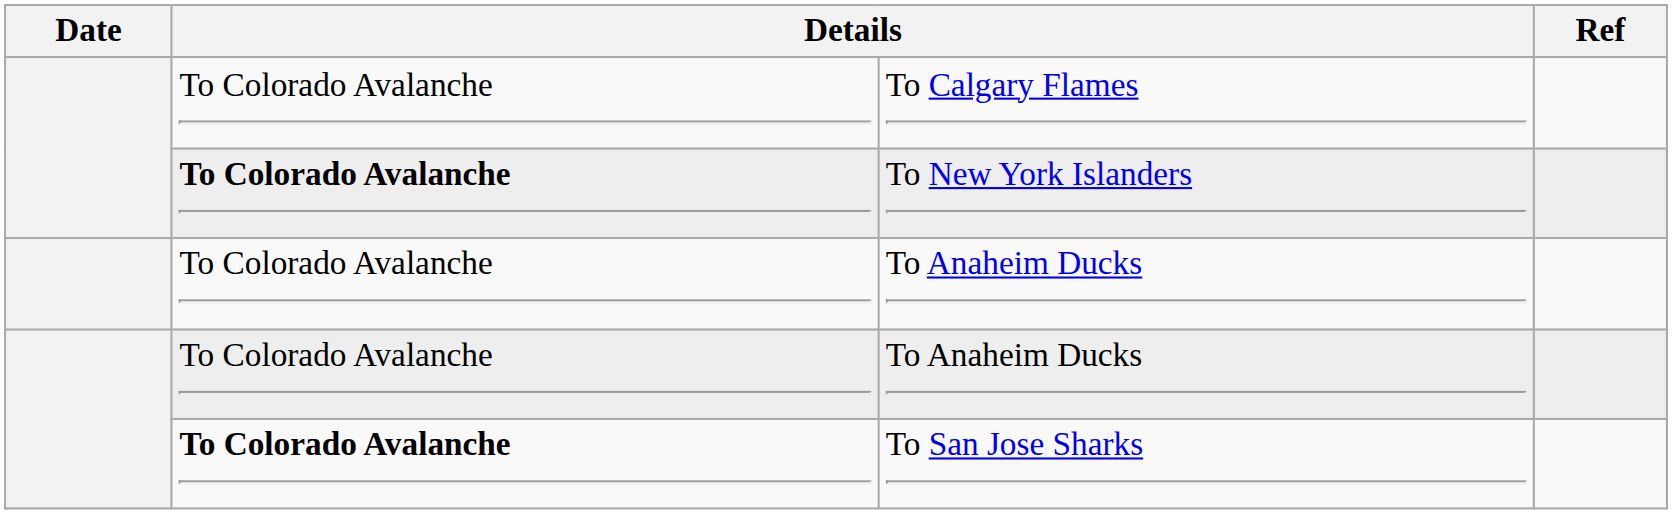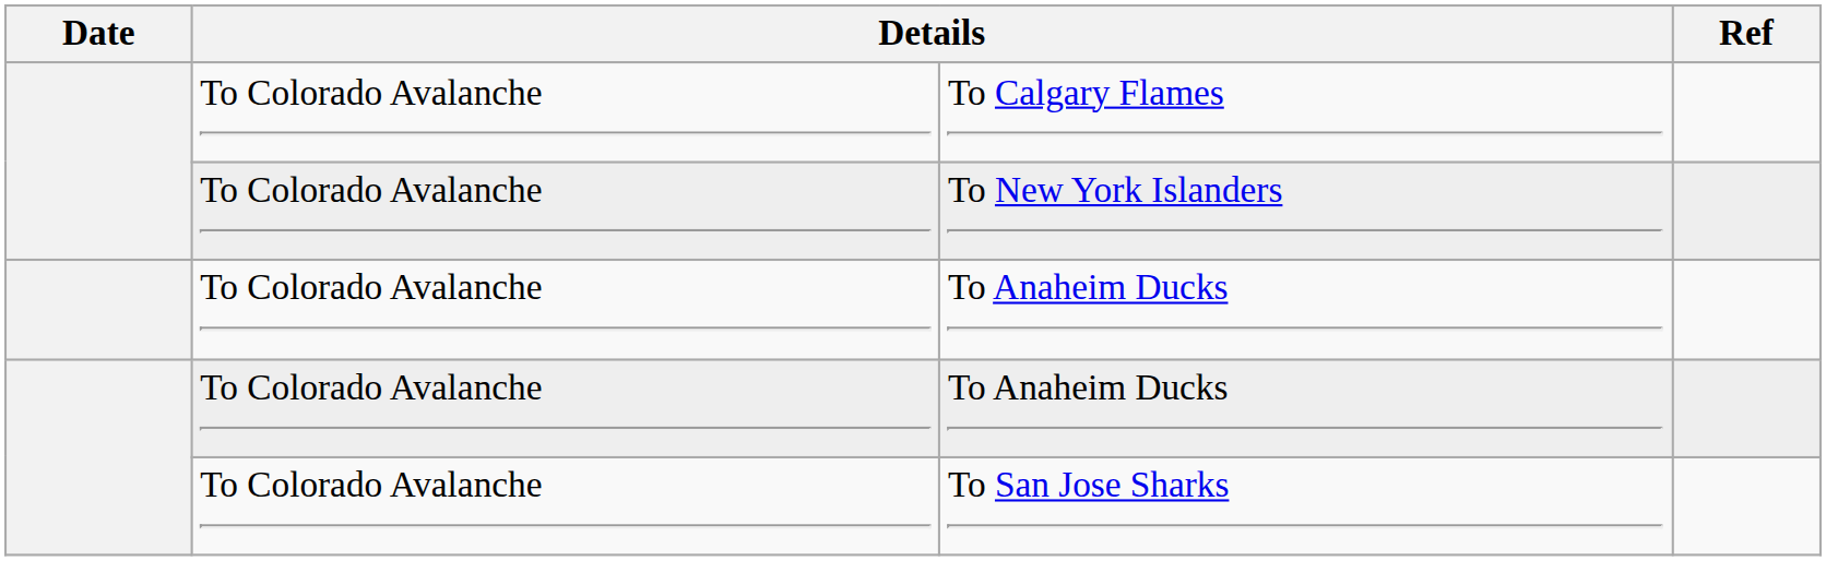 <table class="wikitable plainrowheaders" style="width: 50em;">
 <tr>
 <th scope="col">Date</th>
 <th scope="col" colspan="2">Details</th>
 <th scope="col">Ref</th>
 </tr>
 <tr>
 <th scope="row" rowspan=2></th>
 <td valign="top">To Colorado Avalanche <hr></td>
 <td valign="top">To <a href='#'>Calgary Flames</a> <hr></td>
 <td></td>
 </tr>
 <tr bgcolor="#eeeeee">
-<td valign="top"><strong>To Colorado Avalanche <hr></strong></td>
+<td valign="top">To Colorado Avalanche <hr></td>
 <td valign="top">To <a href='#'>New York Islanders</a> <hr></td>
 <td></td>
 </tr>
 <tr>
 <th scope="row"></th>
 <td valign="top">To Colorado Avalanche <hr></td>
 <td valign="top">To <a href='#'>Anaheim Ducks</a> <hr></td>
 <td></td>
 </tr>
 <tr bgcolor="#eeeeee">
 <th scope="row" rowspan=2></th>
 <td valign="top">To Colorado Avalanche <hr></td>
 <td valign="top">To Anaheim Ducks <hr></td>
 <td></td>
 </tr>
 <tr>
-<td valign="top"><strong>To Colorado Avalanche <hr></strong></td>
+<td valign="top">To Colorado Avalanche <hr></td>
 <td valign="top">To <a href='#'>San Jose Sharks</a> <hr></td>
 <td></td>
 </tr>
 </table>
